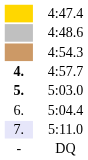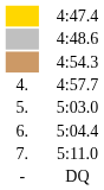 <table style="text-align:center">
 <tr>
 <td width=30 bgcolor=gold></td>
 <td align=left></td>
 <td width=60>4:47.4</td>
 </tr>
 <tr>
 <td bgcolor=silver></td>
 <td align=left></td>
 <td>4:48.6</td>
 </tr>
 <tr>
 <td bgcolor=cc9966></td>
 <td align=left></td>
 <td>4:54.3</td>
 </tr>
 <tr>
-<td><strong>4.</strong></td>
+<td>4.</td>
 <td align=left></td>
 <td>4:57.7</td>
 </tr>
 <tr>
-<td><strong>5.</strong></td>
+<td>5.</td>
 <td align=left></td>
 <td>5:03.0</td>
 </tr>
 <tr>
 <td>6.</td>
 <td align=left></td>
 <td>5:04.4</td>
 </tr>
 <tr>
-<td style="background: lavender;">7.</td>
+<td>7.</td>
 <td align=left></td>
 <td>5:11.0</td>
 </tr>
 <tr>
 <td>-</td>
 <td align=left></td>
 <td>DQ</td>
 </tr>
 </table>
